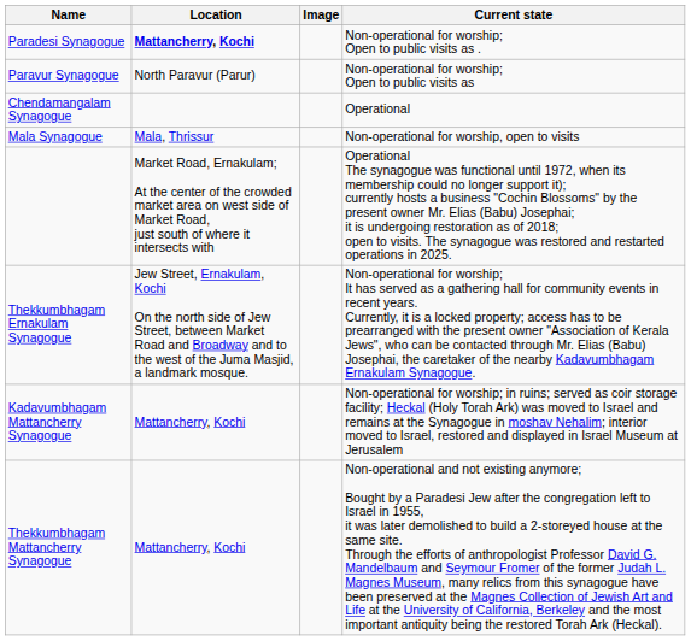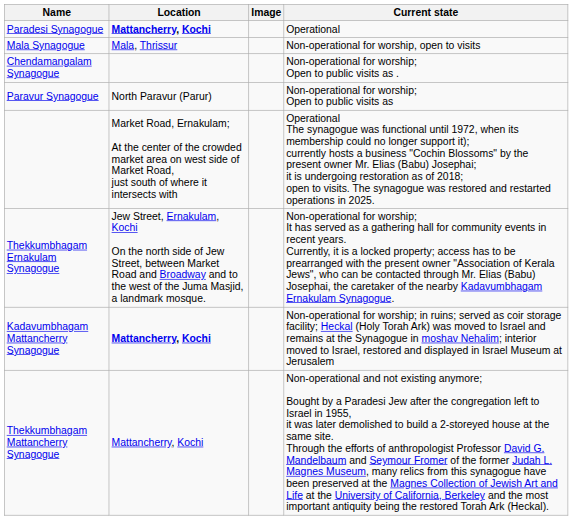 <table class="wikitable">
 <tr>
 <th>Name</th>
 <th>Location</th>
 <th>Image</th>
 <th>Current state</th>
 </tr>
 <tr>
 <td><a href='#'>Paradesi Synagogue</a></td>
 <td><strong><a href='#'>Mattancherry</a>, <a href='#'>Kochi</a></strong></td>
 <td></td>
+<td>Operational</td>
+</tr>
+<tr>
+<td><a href='#'>Mala Synagogue</a></td>
+<td><a href='#'>Mala</a>, <a href='#'>Thrissur</a></td>
+<td></td>
+<td>Non-operational for worship, open to visits</td>
+</tr>
+<tr>
+<td><a href='#'>Chendamangalam Synagogue</a></td>
+<td></td>
+<td></td>
 <td>Non-operational for worship; <br> Open to public visits as .</td>
 </tr>
 <tr>
 <td><a href='#'>Paravur Synagogue</a></td>
 <td>North Paravur (Parur)</td>
 <td></td>
 <td>Non-operational for worship; <br> Open to public visits as </td>
-</tr>
-<tr>
-<td><a href='#'>Chendamangalam Synagogue</a></td>
-<td></td>
-<td></td>
-<td>Operational</td>
-</tr>
-<tr>
-<td><a href='#'>Mala Synagogue</a></td>
-<td><a href='#'>Mala</a>, <a href='#'>Thrissur</a></td>
-<td></td>
-<td>Non-operational for worship, open to visits</td>
 </tr>
 <tr>
 <td></td>
 <td>Market Road, Ernakulam; <br><br>At the center of the crowded market area  on west side of Market Road,   <br> just south of where it intersects with  </td>
 <td></td>
 <td>Operational <br>The synagogue was functional until 1972, when its membership could no longer support it);<br>currently hosts a business "Cochin Blossoms" by the present owner Mr. Elias (Babu) Josephai; <br> it is undergoing restoration as of 2018; <br> open to visits. The synagogue was restored and restarted operations in 2025.</td>
 </tr>
 <tr>
 <td><a href='#'>Thekkumbhagam Ernakulam Synagogue</a></td>
 <td>Jew Street, <a href='#'>Ernakulam</a>, <a href='#'>Kochi</a> <br><br>On the north side of Jew Street, between Market Road and <a href='#'>Broadway</a> and to the west of the Juma Masjid, a landmark mosque.</td>
 <td></td>
 <td>Non-operational for worship;<br>It has served as a gathering hall for community events in recent years. <br> Currently, it is a locked property; access has to be prearranged with the present owner "Association of Kerala Jews", who can be contacted through Mr. Elias (Babu) Josephai, the caretaker of the nearby <a href='#'>Kadavumbhagam Ernakulam Synagogue</a>.</td>
 </tr>
 <tr>
 <td><a href='#'>Kadavumbhagam Mattancherry Synagogue</a></td>
-<td><a href='#'>Mattancherry</a>, <a href='#'>Kochi</a></td>
+<td><strong><a href='#'>Mattancherry</a>, <a href='#'>Kochi</a></strong></td>
 <td></td>
 <td>Non-operational for worship; in ruins; served as coir storage facility; <a href='#'>Heckal</a> (Holy Torah Ark) was moved to Israel and remains at the Synagogue in <a href='#'>moshav Nehalim</a>; interior moved to Israel, restored and displayed in Israel Museum at Jerusalem</td>
 </tr>
 <tr>
 <td><a href='#'>Thekkumbhagam Mattancherry Synagogue</a></td>
 <td><a href='#'>Mattancherry</a>, <a href='#'>Kochi</a></td>
 <td></td>
 <td>Non-operational and not existing anymore; <br><br>Bought by a Paradesi Jew after the congregation left to Israel in 1955,<br> it was later demolished to build a 2-storeyed house at the same site.<br> Through the efforts of anthropologist Professor <a href='#'>David G. Mandelbaum</a> and <a href='#'>Seymour Fromer</a> of the former <a href='#'>Judah L. Magnes Museum</a>, many relics from this synagogue have been preserved at the <a href='#'>Magnes Collection of Jewish Art and Life</a> at the <a href='#'>University of California, Berkeley</a> and the most important antiquity being the restored Torah Ark (Heckal).</td>
 </tr>
 </table>
